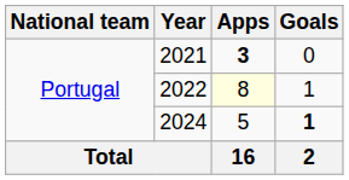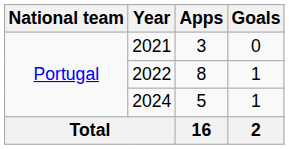 <table class="wikitable" style="text-align: center;">
 <tr>
 <th>National team</th>
 <th>Year</th>
 <th>Apps</th>
 <th>Goals</th>
 </tr>
 <tr>
 <td rowspan="3"><a href='#'>Portugal</a></td>
 <td>2021</td>
-<td><strong>3</strong></td>
+<td>3</td>
 <td>0</td>
 </tr>
 <tr>
 <td>2022</td>
-<td style="background: lightyellow;">8</td>
+<td>8</td>
 <td>1</td>
 </tr>
 <tr>
 <td>2024</td>
 <td>5</td>
-<td><strong>1</strong></td>
+<td>1</td>
 </tr>
 <tr>
 <th colspan="2">Total</th>
 <th>16</th>
 <th>2</th>
 </tr>
 </table>
